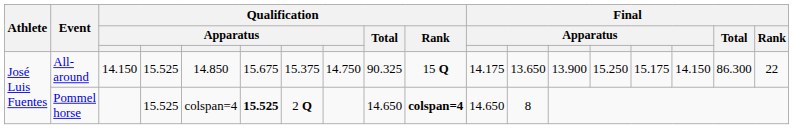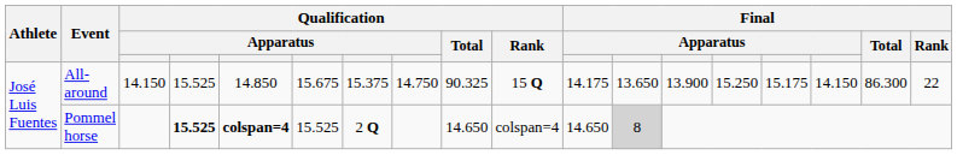 <table class="wikitable" style="font-size:90%">
 <tr>
 <th rowspan=3>Athlete</th>
 <th rowspan=3>Event</th>
 <th colspan =8>Qualification</th>
 <th colspan =8>Final</th>
 </tr>
 <tr style="font-size:95%">
 <th colspan=6>Apparatus</th>
 <th rowspan=2>Total</th>
 <th rowspan=2>Rank</th>
 <th colspan=6>Apparatus</th>
 <th rowspan=2>Total</th>
 <th rowspan=2>Rank</th>
 </tr>
 <tr style="font-size:95%">
 <th></th>
 <th></th>
 <th></th>
 <th></th>
 <th></th>
 <th></th>
 <th></th>
 <th></th>
 <th></th>
 <th></th>
 <th></th>
 <th></th>
 </tr>
 <tr align=center>
 <td align=left rowspan=2><a href='#'>José Luis Fuentes</a></td>
 <td align=left><a href='#'>All-around</a></td>
 <td>14.150</td>
 <td>15.525</td>
 <td>14.850</td>
 <td>15.675</td>
 <td>15.375</td>
 <td>14.750</td>
 <td>90.325</td>
 <td>15 <strong>Q</strong></td>
 <td>14.175</td>
 <td>13.650</td>
 <td>13.900</td>
 <td>15.250</td>
 <td>15.175</td>
 <td>14.150</td>
 <td>86.300</td>
 <td>22</td>
 </tr>
 <tr align=center>
 <td align=left><a href='#'>Pommel horse</a></td>
 <td></td>
+<td><strong>15.525</strong></td>
+<td><strong>colspan=4 </strong></td>
 <td>15.525</td>
-<td>colspan=4 </td>
-<td><strong>15.525</strong></td>
 <td>2 <strong>Q</strong></td>
 <td></td>
 <td>14.650</td>
-<td><strong>colspan=4 </strong></td>
+<td>colspan=4 </td>
 <td>14.650</td>
-<td>8</td>
+<td style="background: lightgrey;">8</td>
 </tr>
 </table>
